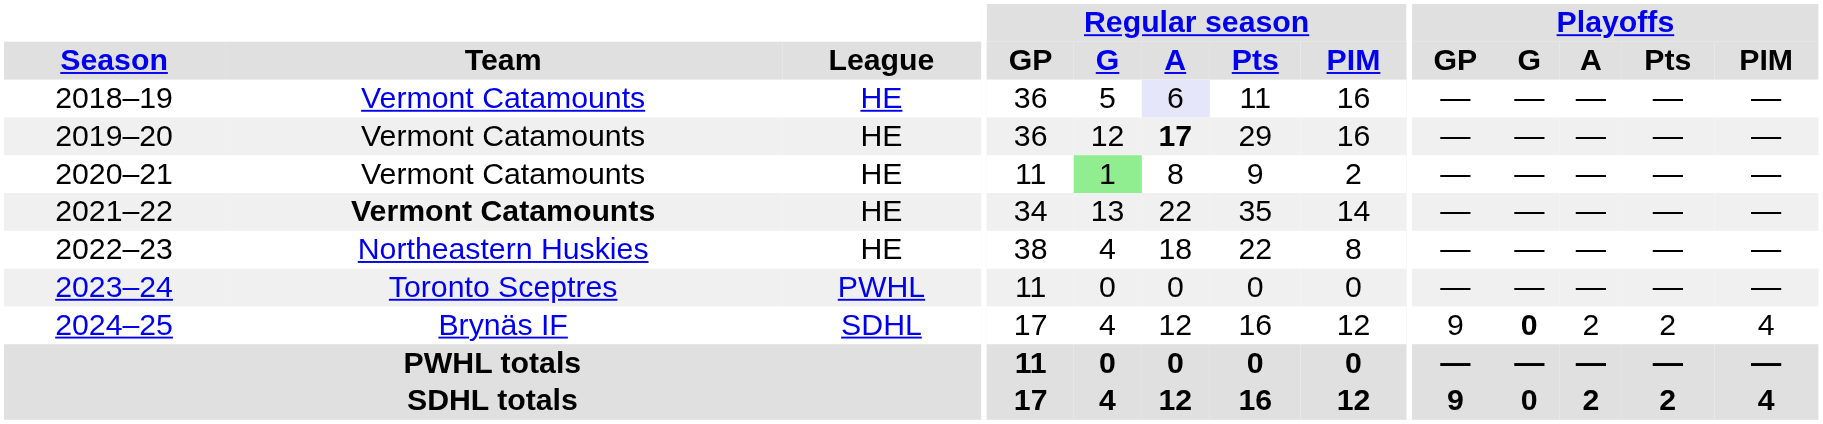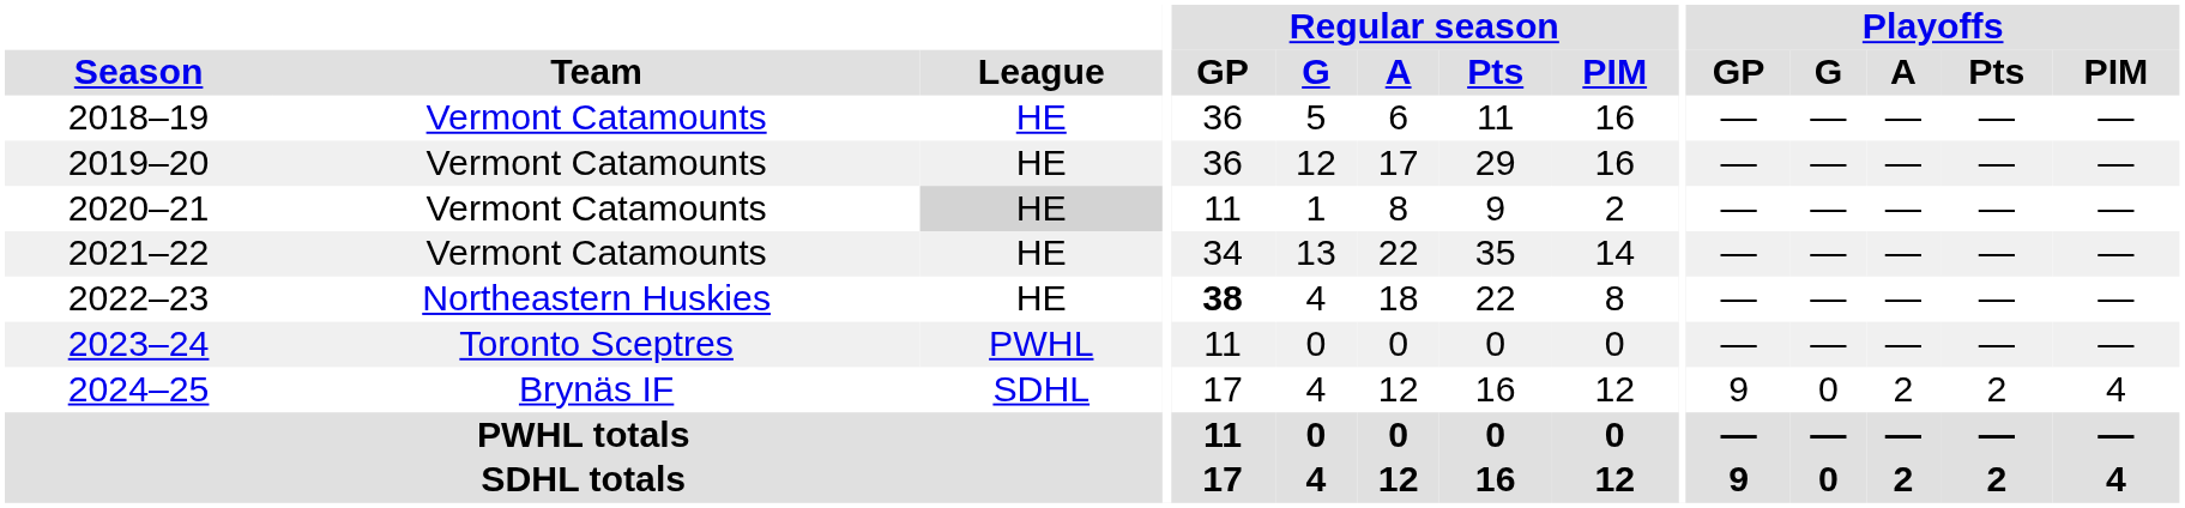 <table border="0" cellpadding="1" cellspacing="0" style="text-align:center; width:60em;">
 <tr bgcolor="#e0e0e0">
 <th colspan="3" bgcolor="#ffffff"></th>
 <th rowspan="101" bgcolor="#ffffff"></th>
 <th colspan="5"><a href='#'>Regular season</a></th>
 <th rowspan="101" bgcolor="#ffffff"></th>
 <th colspan="5"><a href='#'>Playoffs</a></th>
 </tr>
 <tr bgcolor="#e0e0e0">
 <th><a href='#'>Season</a></th>
 <th>Team</th>
 <th>League</th>
 <th>GP</th>
 <th><a href='#'>G</a></th>
 <th><a href='#'>A</a></th>
 <th><a href='#'>Pts</a></th>
 <th><a href='#'>PIM</a></th>
 <th>GP</th>
 <th>G</th>
 <th>A</th>
 <th>Pts</th>
 <th>PIM</th>
 </tr>
 <tr>
 <td>2018–19</td>
 <td><a href='#'>Vermont Catamounts</a></td>
 <td><a href='#'>HE</a></td>
 <td>36</td>
 <td>5</td>
-<td style="background: lavender;">6</td>
+<td>6</td>
 <td>11</td>
 <td>16</td>
 <td>—</td>
 <td>—</td>
 <td>—</td>
 <td>—</td>
 <td>—</td>
 </tr>
 <tr bgcolor="#f0f0f0">
 <td>2019–20</td>
 <td>Vermont Catamounts</td>
 <td>HE</td>
 <td>36</td>
 <td>12</td>
-<td><strong>17</strong></td>
+<td>17</td>
 <td>29</td>
 <td>16</td>
 <td>—</td>
 <td>—</td>
 <td>—</td>
 <td>—</td>
 <td>—</td>
 </tr>
 <tr>
 <td>2020–21</td>
 <td>Vermont Catamounts</td>
-<td>HE</td>
+<td style="background: lightgrey;">HE</td>
 <td>11</td>
-<td style="background: lightgreen;">1</td>
+<td>1</td>
 <td>8</td>
 <td>9</td>
 <td>2</td>
 <td>—</td>
 <td>—</td>
 <td>—</td>
 <td>—</td>
 <td>—</td>
 </tr>
 <tr bgcolor="#f0f0f0">
 <td>2021–22</td>
-<td><strong>Vermont Catamounts</strong></td>
+<td>Vermont Catamounts</td>
 <td>HE</td>
 <td>34</td>
 <td>13</td>
 <td>22</td>
 <td>35</td>
 <td>14</td>
 <td>—</td>
 <td>—</td>
 <td>—</td>
 <td>—</td>
 <td>—</td>
 </tr>
 <tr>
 <td>2022–23</td>
 <td><a href='#'>Northeastern Huskies</a></td>
 <td>HE</td>
-<td>38</td>
+<td><strong>38</strong></td>
 <td>4</td>
 <td>18</td>
 <td>22</td>
 <td>8</td>
 <td>—</td>
 <td>—</td>
 <td>—</td>
 <td>—</td>
 <td>—</td>
 </tr>
 <tr bgcolor="#f0f0f0">
 <td><a href='#'>2023–24</a></td>
 <td><a href='#'>Toronto Sceptres</a></td>
 <td><a href='#'>PWHL</a></td>
 <td>11</td>
 <td>0</td>
 <td>0</td>
 <td>0</td>
 <td>0</td>
 <td>—</td>
 <td>—</td>
 <td>—</td>
 <td>—</td>
 <td>—</td>
 </tr>
 <tr>
 <td><a href='#'>2024–25</a></td>
 <td><a href='#'>Brynäs IF</a></td>
 <td><a href='#'>SDHL</a></td>
 <td>17</td>
 <td>4</td>
 <td>12</td>
 <td>16</td>
 <td>12</td>
 <td>9</td>
-<td><strong>0</strong></td>
+<td>0</td>
 <td>2</td>
 <td>2</td>
 <td>4</td>
 </tr>
 <tr bgcolor="#e0e0e0">
 <th colspan="3">PWHL totals</th>
 <th>11</th>
 <th>0</th>
 <th>0</th>
 <th>0</th>
 <th>0</th>
 <th>—</th>
 <th>—</th>
 <th>—</th>
 <th>—</th>
 <th>—</th>
 </tr>
 <tr bgcolor="#e0e0e0">
 <th colspan="3">SDHL totals</th>
 <th>17</th>
 <th>4</th>
 <th>12</th>
 <th>16</th>
 <th>12</th>
 <th>9</th>
 <th>0</th>
 <th>2</th>
 <th>2</th>
 <th>4</th>
 </tr>
 </table>
